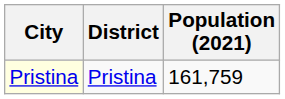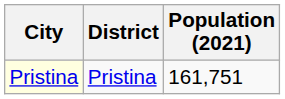 <table class="wikitable sortable sticky-header col3right">
 <tr>
 <th>City</th>
 <th>District</th>
 <th>Population<br>(2021)</th>
 </tr>
 <tr>
 <td style="background: lightyellow;"><a href='#'>Pristina</a></td>
 <td><a href='#'>Pristina</a></td>
-<td>161,759</td>
+<td>161,751</td>
 </tr>
 </table>
